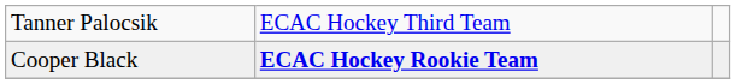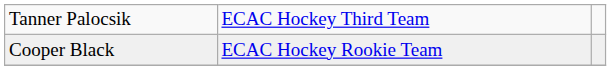 <table class="wikitable" width=40%>
 <tr>
 <td>Tanner Palocsik</td>
 <td rowspan=1><a href='#'>ECAC Hockey Third Team</a></td>
 <td rowspan=1></td>
 </tr>
 <tr bgcolor=f0f0f0>
 <td>Cooper Black</td>
-<td rowspan=1><strong><a href='#'>ECAC Hockey Rookie Team</a></strong></td>
+<td rowspan=1><a href='#'>ECAC Hockey Rookie Team</a></td>
 <td rowspan=1></td>
 </tr>
 <tr>
 </tr>
 </table>
